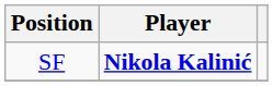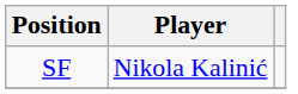 <table class="wikitable" style="text-align: center;">
 <tr>
 <th>Position</th>
 <th>Player</th>
 <th></th>
 </tr>
 <tr>
 <td><a href='#'>SF</a></td>
-<td style="text-align:left"><strong> <a href='#'>Nikola Kalinić</a></strong></td>
+<td style="text-align:left"> <a href='#'>Nikola Kalinić</a></td>
 <td></td>
 </tr>
 <tr>
 </tr>
 </table>
